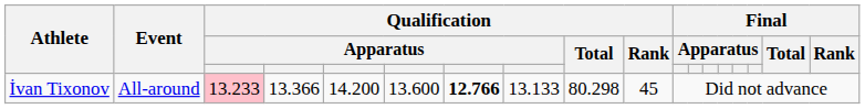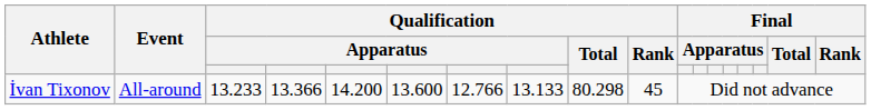 <table class="wikitable" style="font-size:90%">
 <tr>
 <th rowspan=3>Athlete</th>
 <th rowspan=3>Event</th>
 <th colspan =8>Qualification</th>
 <th colspan =8>Final</th>
 </tr>
 <tr style="font-size:95%">
 <th colspan=6>Apparatus</th>
 <th rowspan=2>Total</th>
 <th rowspan=2>Rank</th>
 <th colspan=6>Apparatus</th>
 <th rowspan=2>Total</th>
 <th rowspan=2>Rank</th>
 </tr>
 <tr style="font-size:95%">
 <th></th>
 <th></th>
 <th></th>
 <th></th>
 <th></th>
 <th></th>
 <th></th>
 <th></th>
 <th></th>
 <th></th>
 <th></th>
 <th></th>
 </tr>
 <tr align=center>
 <td align=left><a href='#'>İvan Tixonov</a></td>
 <td align=left><a href='#'>All-around</a></td>
-<td style="background: pink;">13.233</td>
+<td>13.233</td>
 <td>13.366</td>
 <td>14.200</td>
 <td>13.600</td>
-<td><strong>12.766</strong></td>
+<td>12.766</td>
 <td>13.133</td>
 <td>80.298</td>
 <td>45</td>
 <td colspan=8>Did not advance</td>
 </tr>
 </table>
